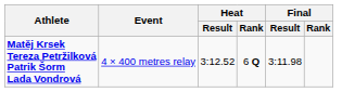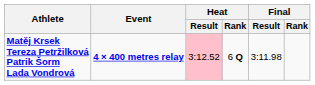 <table class="wikitable" style="font-size:90%">
 <tr>
 <th rowspan="2">Athlete</th>
 <th rowspan="2">Event</th>
 <th colspan="2">Heat</th>
 <th colspan="2">Final</th>
 </tr>
 <tr style="font-size:95%">
 <th>Result</th>
 <th>Rank</th>
 <th>Result</th>
 <th>Rank</th>
 </tr>
 <tr align=center>
 <td align=left><strong><a href='#'>Matěj Krsek</a><br><a href='#'>Tereza Petržilková</a><br><a href='#'>Patrik Šorm</a><br><a href='#'>Lada Vondrová</a></strong></td>
-<td align=left><a href='#'>4 × 400 metres relay</a></td>
-<td>3:12.52</td>
+<td align=left><strong><a href='#'>4 × 400 metres relay</a></strong></td>
+<td style="background: pink;">3:12.52</td>
 <td>6  <strong>Q</strong></td>
 <td>3:11.98 <strong></strong></td>
 <td></td>
 </tr>
 </table>
